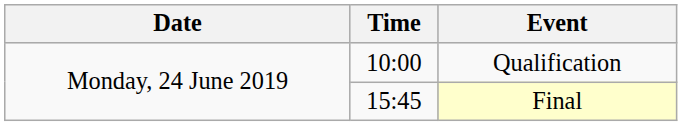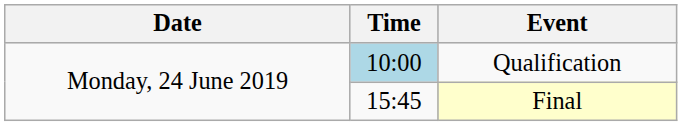 <table class = "wikitable" style="text-align:center;">
 <tr>
 <th width=220>Date</th>
 <th width=50>Time</th>
 <th width=150>Event</th>
 </tr>
 <tr>
 <td rowspan=2>Monday, 24 June 2019</td>
-<td>10:00</td>
+<td style="background: lightblue;">10:00</td>
 <td>Qualification</td>
 </tr>
 <tr>
 <td>15:45</td>
 <td bgcolor=ffffcc>Final</td>
 </tr>
 </table>
